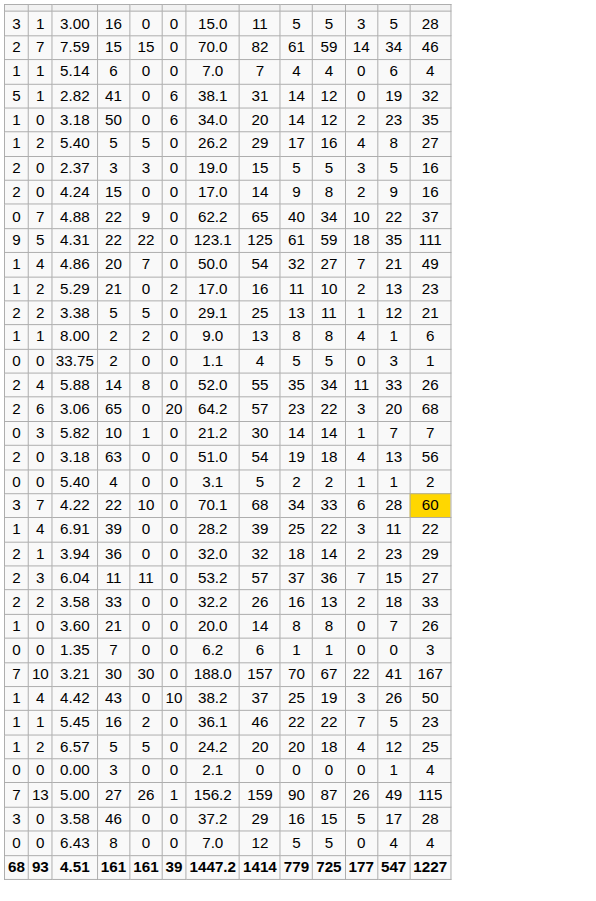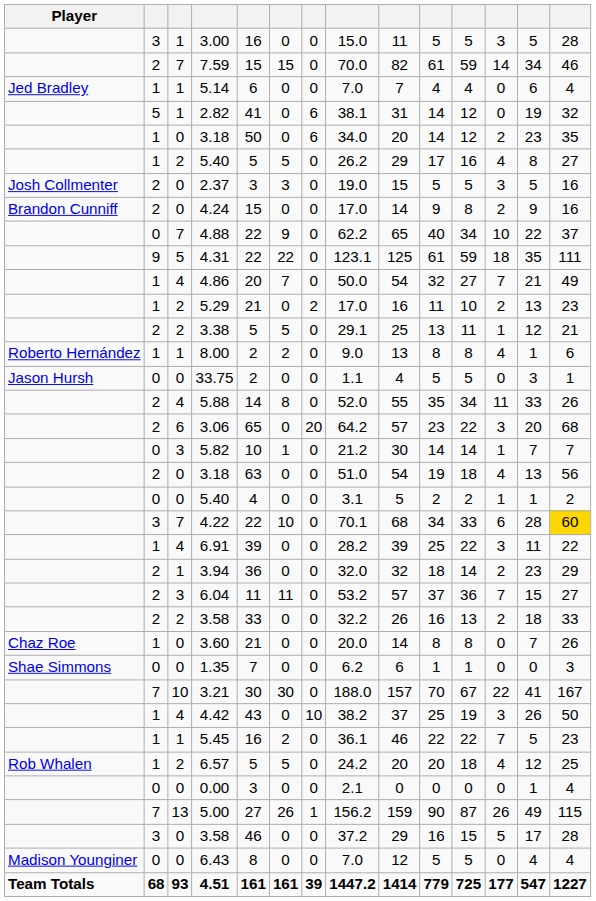 <table class="wikitable sortable" style="text-align:center;">
 <tr>
+<th>Player</th>
 <th></th>
 <th></th>
 <th></th>
 <th></th>
 <th></th>
 <th></th>
 <th></th>
 <th></th>
 <th></th>
 <th></th>
 <th></th>
 <th></th>
 <th></th>
 </tr>
 <tr>
+<td align=left></td>
 <td>3</td>
 <td>1</td>
 <td>3.00</td>
 <td>16</td>
 <td>0</td>
 <td>0</td>
 <td>15.0</td>
 <td>11</td>
 <td>5</td>
 <td>5</td>
 <td>3</td>
 <td>5</td>
 <td>28</td>
 </tr>
 <tr>
+<td align=left></td>
 <td>2</td>
 <td>7</td>
 <td>7.59</td>
 <td>15</td>
 <td>15</td>
 <td>0</td>
 <td>70.0</td>
 <td>82</td>
 <td>61</td>
 <td>59</td>
 <td>14</td>
 <td>34</td>
 <td>46</td>
 </tr>
 <tr>
+<td align=left><a href='#'>Jed Bradley</a></td>
 <td>1</td>
 <td>1</td>
 <td>5.14</td>
 <td>6</td>
 <td>0</td>
 <td>0</td>
 <td>7.0</td>
 <td>7</td>
 <td>4</td>
 <td>4</td>
 <td>0</td>
 <td>6</td>
 <td>4</td>
 </tr>
 <tr>
+<td align=left></td>
 <td>5</td>
 <td>1</td>
 <td>2.82</td>
 <td>41</td>
 <td>0</td>
 <td>6</td>
 <td>38.1</td>
 <td>31</td>
 <td>14</td>
 <td>12</td>
 <td>0</td>
 <td>19</td>
 <td>32</td>
 </tr>
 <tr>
+<td align=left></td>
 <td>1</td>
 <td>0</td>
 <td>3.18</td>
 <td>50</td>
 <td>0</td>
 <td>6</td>
 <td>34.0</td>
 <td>20</td>
 <td>14</td>
 <td>12</td>
 <td>2</td>
 <td>23</td>
 <td>35</td>
 </tr>
 <tr>
+<td align=left><strong></strong></td>
 <td>1</td>
 <td>2</td>
 <td>5.40</td>
 <td>5</td>
 <td>5</td>
 <td>0</td>
 <td>26.2</td>
 <td>29</td>
 <td>17</td>
 <td>16</td>
 <td>4</td>
 <td>8</td>
 <td>27</td>
 </tr>
 <tr>
+<td align=left><a href='#'>Josh Collmenter</a></td>
 <td>2</td>
 <td>0</td>
 <td>2.37</td>
 <td>3</td>
 <td>3</td>
 <td>0</td>
 <td>19.0</td>
 <td>15</td>
 <td>5</td>
 <td>5</td>
 <td>3</td>
 <td>5</td>
 <td>16</td>
 </tr>
 <tr>
+<td align=left><a href='#'>Brandon Cunniff</a></td>
 <td>2</td>
 <td>0</td>
 <td>4.24</td>
 <td>15</td>
 <td>0</td>
 <td>0</td>
 <td>17.0</td>
 <td>14</td>
 <td>9</td>
 <td>8</td>
 <td>2</td>
 <td>9</td>
 <td>16</td>
 </tr>
 <tr>
+<td align=left></td>
 <td>0</td>
 <td>7</td>
 <td>4.88</td>
 <td>22</td>
 <td>9</td>
 <td>0</td>
 <td>62.2</td>
 <td>65</td>
 <td>40</td>
 <td>34</td>
 <td>10</td>
 <td>22</td>
 <td>37</td>
 </tr>
 <tr>
+<td align=left></td>
 <td>9</td>
 <td>5</td>
 <td>4.31</td>
 <td>22</td>
 <td>22</td>
 <td>0</td>
 <td>123.1</td>
 <td>125</td>
 <td>61</td>
 <td>59</td>
 <td>18</td>
 <td>35</td>
 <td>111</td>
 </tr>
 <tr>
+<td align=left></td>
 <td>1</td>
 <td>4</td>
 <td>4.86</td>
 <td>20</td>
 <td>7</td>
 <td>0</td>
 <td>50.0</td>
 <td>54</td>
 <td>32</td>
 <td>27</td>
 <td>7</td>
 <td>21</td>
 <td>49</td>
 </tr>
 <tr>
+<td align=left></td>
 <td>1</td>
 <td>2</td>
 <td>5.29</td>
 <td>21</td>
 <td>0</td>
 <td>2</td>
 <td>17.0</td>
 <td>16</td>
 <td>11</td>
 <td>10</td>
 <td>2</td>
 <td>13</td>
 <td>23</td>
 </tr>
 <tr>
+<td align=left></td>
 <td>2</td>
 <td>2</td>
 <td>3.38</td>
 <td>5</td>
 <td>5</td>
 <td>0</td>
 <td>29.1</td>
 <td>25</td>
 <td>13</td>
 <td>11</td>
 <td>1</td>
 <td>12</td>
 <td>21</td>
 </tr>
 <tr>
+<td align=left><a href='#'>Roberto Hernández</a></td>
 <td>1</td>
 <td>1</td>
 <td>8.00</td>
 <td>2</td>
 <td>2</td>
 <td>0</td>
 <td>9.0</td>
 <td>13</td>
 <td>8</td>
 <td>8</td>
 <td>4</td>
 <td>1</td>
 <td>6</td>
 </tr>
 <tr>
+<td align=left><a href='#'>Jason Hursh</a></td>
 <td>0</td>
 <td>0</td>
 <td>33.75</td>
 <td>2</td>
 <td>0</td>
 <td>0</td>
 <td>1.1</td>
 <td>4</td>
 <td>5</td>
 <td>5</td>
 <td>0</td>
 <td>3</td>
 <td>1</td>
 </tr>
 <tr>
+<td align=left></td>
 <td>2</td>
 <td>4</td>
 <td>5.88</td>
 <td>14</td>
 <td>8</td>
 <td>0</td>
 <td>52.0</td>
 <td>55</td>
 <td>35</td>
 <td>34</td>
 <td>11</td>
 <td>33</td>
 <td>26</td>
 </tr>
 <tr>
+<td align=left></td>
 <td>2</td>
 <td>6</td>
 <td>3.06</td>
 <td>65</td>
 <td>0</td>
 <td>20</td>
 <td>64.2</td>
 <td>57</td>
 <td>23</td>
 <td>22</td>
 <td>3</td>
 <td>20</td>
 <td>68</td>
 </tr>
 <tr>
+<td align=left></td>
 <td>0</td>
 <td>3</td>
 <td>5.82</td>
 <td>10</td>
 <td>1</td>
 <td>0</td>
 <td>21.2</td>
 <td>30</td>
 <td>14</td>
 <td>14</td>
 <td>1</td>
 <td>7</td>
 <td>7</td>
 </tr>
 <tr>
+<td align=left></td>
 <td>2</td>
 <td>0</td>
 <td>3.18</td>
 <td>63</td>
 <td>0</td>
 <td>0</td>
 <td>51.0</td>
 <td>54</td>
 <td>19</td>
 <td>18</td>
 <td>4</td>
 <td>13</td>
 <td>56</td>
 </tr>
 <tr>
+<td align=left></td>
 <td>0</td>
 <td>0</td>
 <td>5.40</td>
 <td>4</td>
 <td>0</td>
 <td>0</td>
 <td>3.1</td>
 <td>5</td>
 <td>2</td>
 <td>2</td>
 <td>1</td>
 <td>1</td>
 <td>2</td>
 </tr>
 <tr>
+<td align=left></td>
 <td>3</td>
 <td>7</td>
 <td>4.22</td>
 <td>22</td>
 <td>10</td>
 <td>0</td>
 <td>70.1</td>
 <td>68</td>
 <td>34</td>
 <td>33</td>
 <td>6</td>
 <td>28</td>
 <td style="background: gold;">60</td>
 </tr>
 <tr>
+<td align=left></td>
 <td>1</td>
 <td>4</td>
 <td>6.91</td>
 <td>39</td>
 <td>0</td>
 <td>0</td>
 <td>28.2</td>
 <td>39</td>
 <td>25</td>
 <td>22</td>
 <td>3</td>
 <td>11</td>
 <td>22</td>
 </tr>
 <tr>
+<td align=left></td>
 <td>2</td>
 <td>1</td>
 <td>3.94</td>
 <td>36</td>
 <td>0</td>
 <td>0</td>
 <td>32.0</td>
 <td>32</td>
 <td>18</td>
 <td>14</td>
 <td>2</td>
 <td>23</td>
 <td>29</td>
 </tr>
 <tr>
+<td align=left></td>
 <td>2</td>
 <td>3</td>
 <td>6.04</td>
 <td>11</td>
 <td>11</td>
 <td>0</td>
 <td>53.2</td>
 <td>57</td>
 <td>37</td>
 <td>36</td>
 <td>7</td>
 <td>15</td>
 <td>27</td>
 </tr>
 <tr>
+<td align=left></td>
 <td>2</td>
 <td>2</td>
 <td>3.58</td>
 <td>33</td>
 <td>0</td>
 <td>0</td>
 <td>32.2</td>
 <td>26</td>
 <td>16</td>
 <td>13</td>
 <td>2</td>
 <td>18</td>
 <td>33</td>
 </tr>
 <tr>
+<td align=left><a href='#'>Chaz Roe</a></td>
 <td>1</td>
 <td>0</td>
 <td>3.60</td>
 <td>21</td>
 <td>0</td>
 <td>0</td>
 <td>20.0</td>
 <td>14</td>
 <td>8</td>
 <td>8</td>
 <td>0</td>
 <td>7</td>
 <td>26</td>
 </tr>
 <tr>
+<td align=left><a href='#'>Shae Simmons</a></td>
 <td>0</td>
 <td>0</td>
 <td>1.35</td>
 <td>7</td>
 <td>0</td>
 <td>0</td>
 <td>6.2</td>
 <td>6</td>
 <td>1</td>
 <td>1</td>
 <td>0</td>
 <td>0</td>
 <td>3</td>
 </tr>
 <tr>
+<td align=left></td>
 <td>7</td>
 <td>10</td>
 <td>3.21</td>
 <td>30</td>
 <td>30</td>
 <td>0</td>
 <td>188.0</td>
 <td>157</td>
 <td>70</td>
 <td>67</td>
 <td>22</td>
 <td>41</td>
 <td>167</td>
 </tr>
 <tr>
+<td align=left><strong></strong></td>
 <td>1</td>
 <td>4</td>
 <td>4.42</td>
 <td>43</td>
 <td>0</td>
 <td>10</td>
 <td>38.2</td>
 <td>37</td>
 <td>25</td>
 <td>19</td>
 <td>3</td>
 <td>26</td>
 <td>50</td>
 </tr>
 <tr>
+<td align=left><strong></strong></td>
 <td>1</td>
 <td>1</td>
 <td>5.45</td>
 <td>16</td>
 <td>2</td>
 <td>0</td>
 <td>36.1</td>
 <td>46</td>
 <td>22</td>
 <td>22</td>
 <td>7</td>
 <td>5</td>
 <td>23</td>
 </tr>
 <tr>
+<td align=left><a href='#'>Rob Whalen</a></td>
 <td>1</td>
 <td>2</td>
 <td>6.57</td>
 <td>5</td>
 <td>5</td>
 <td>0</td>
 <td>24.2</td>
 <td>20</td>
 <td>20</td>
 <td>18</td>
 <td>4</td>
 <td>12</td>
 <td>25</td>
 </tr>
 <tr>
+<td align=left></td>
 <td>0</td>
 <td>0</td>
 <td>0.00</td>
 <td>3</td>
 <td>0</td>
 <td>0</td>
 <td>2.1</td>
 <td>0</td>
 <td>0</td>
 <td>0</td>
 <td>0</td>
 <td>1</td>
 <td>4</td>
 </tr>
 <tr>
+<td align=left><strong></strong></td>
 <td>7</td>
 <td>13</td>
 <td>5.00</td>
 <td>27</td>
 <td>26</td>
 <td>1</td>
 <td>156.2</td>
 <td>159</td>
 <td>90</td>
 <td>87</td>
 <td>26</td>
 <td>49</td>
 <td>115</td>
 </tr>
 <tr>
+<td align=left></td>
 <td>3</td>
 <td>0</td>
 <td>3.58</td>
 <td>46</td>
 <td>0</td>
 <td>0</td>
 <td>37.2</td>
 <td>29</td>
 <td>16</td>
 <td>15</td>
 <td>5</td>
 <td>17</td>
 <td>28</td>
 </tr>
 <tr>
+<td align=left><a href='#'>Madison Younginer</a></td>
 <td>0</td>
 <td>0</td>
 <td>6.43</td>
 <td>8</td>
 <td>0</td>
 <td>0</td>
 <td>7.0</td>
 <td>12</td>
 <td>5</td>
 <td>5</td>
 <td>0</td>
 <td>4</td>
 <td>4</td>
 </tr>
 <tr>
+<td align=left><strong>Team Totals</strong></td>
 <td><strong>68</strong></td>
 <td><strong>93</strong></td>
 <td><strong>4.51</strong></td>
 <td><strong>161</strong></td>
 <td><strong>161</strong></td>
 <td><strong>39</strong></td>
 <td><strong>1447.2</strong></td>
 <td><strong>1414</strong></td>
 <td><strong>779</strong></td>
 <td><strong>725</strong></td>
 <td><strong>177</strong></td>
 <td><strong>547</strong></td>
 <td><strong>1227</strong></td>
 </tr>
 </table>
